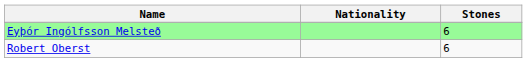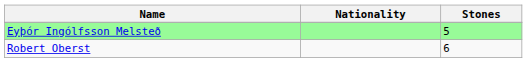 <table class="wikitable" style="display: inline-table; width: 50%;">
 <tr>
 <th>Name</th>
 <th>Nationality</th>
 <th>Stones</th>
 </tr>
 <tr>
 </tr>
 <tr style="background:palegreen">
 <td><a href='#'>Eyþór Ingólfsson Melsteð</a></td>
 <td></td>
-<td>6</td>
+<td>5</td>
 </tr>
 <tr>
 <td><a href='#'>Robert Oberst</a></td>
 <td></td>
 <td>6</td>
 </tr>
 </table>
